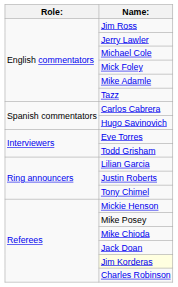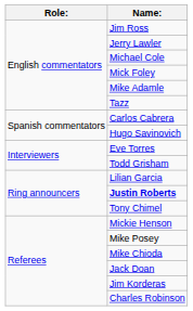 <table class=wikitable style="font-size:90%; margin: 0.5em 0 0.5em 1em; float: right; clear: right;">
 <tr>
 <th>Role:</th>
 <th>Name:</th>
 </tr>
 <tr>
 <td rowspan=6>English <a href='#'>commentators</a></td>
 <td><a href='#'>Jim Ross</a> </td>
 </tr>
 <tr>
 <td><a href='#'>Jerry Lawler</a> </td>
 </tr>
 <tr>
 <td><a href='#'>Michael Cole</a> </td>
 </tr>
 <tr>
 <td><a href='#'>Mick Foley</a> </td>
 </tr>
 <tr>
 <td><a href='#'>Mike Adamle</a> </td>
 </tr>
 <tr>
 <td><a href='#'>Tazz</a> </td>
 </tr>
 <tr>
 <td rowspan=2>Spanish commentators</td>
 <td><a href='#'>Carlos Cabrera</a></td>
 </tr>
 <tr>
 <td><a href='#'>Hugo Savinovich</a></td>
 </tr>
 <tr>
 <td rowspan=2><a href='#'>Interviewers</a></td>
 <td><a href='#'>Eve Torres</a></td>
 </tr>
 <tr>
 <td><a href='#'>Todd Grisham</a></td>
 </tr>
 <tr>
 <td rowspan=3><a href='#'>Ring announcers</a></td>
 <td><a href='#'>Lilian Garcia</a> </td>
 </tr>
 <tr>
-<td><a href='#'>Justin Roberts</a> </td>
+<td><strong><a href='#'>Justin Roberts</a> </strong></td>
 </tr>
 <tr>
 <td><a href='#'>Tony Chimel</a> </td>
 </tr>
 <tr>
 <td rowspan=6><a href='#'>Referees</a></td>
 <td><a href='#'>Mickie Henson</a> </td>
 </tr>
 <tr>
 <td>Mike Posey </td>
 </tr>
 <tr>
 <td><a href='#'>Mike Chioda</a> </td>
 </tr>
 <tr>
 <td><a href='#'>Jack Doan</a> </td>
 </tr>
 <tr>
-<td style="background: lightyellow;"><a href='#'>Jim Korderas</a> </td>
+<td><a href='#'>Jim Korderas</a> </td>
 </tr>
 <tr>
 <td><a href='#'>Charles Robinson</a> </td>
 </tr>
 </table>
